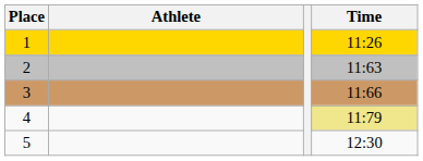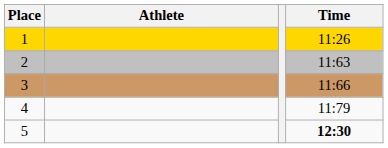 <table class="wikitable" style="text-align:center">
 <tr>
 <th>Place</th>
 <th width=250>Athlete</th>
 <th rowspan=27></th>
 <th width=100>Time</th>
 </tr>
 <tr bgcolor=gold>
 <td>1</td>
 <td align=left></td>
 <td>11:26</td>
 </tr>
 <tr bgcolor=silver>
 <td>2</td>
 <td align=left></td>
 <td>11:63</td>
 </tr>
 <tr bgcolor=cc9966>
 <td>3</td>
 <td align=left></td>
 <td>11:66</td>
 </tr>
 <tr>
 <td>4</td>
 <td align=left></td>
-<td style="background: khaki;">11:79</td>
+<td>11:79</td>
 </tr>
 <tr>
 <td>5</td>
 <td align=left></td>
-<td>12:30</td>
+<td><strong>12:30</strong></td>
 </tr>
 </table>
